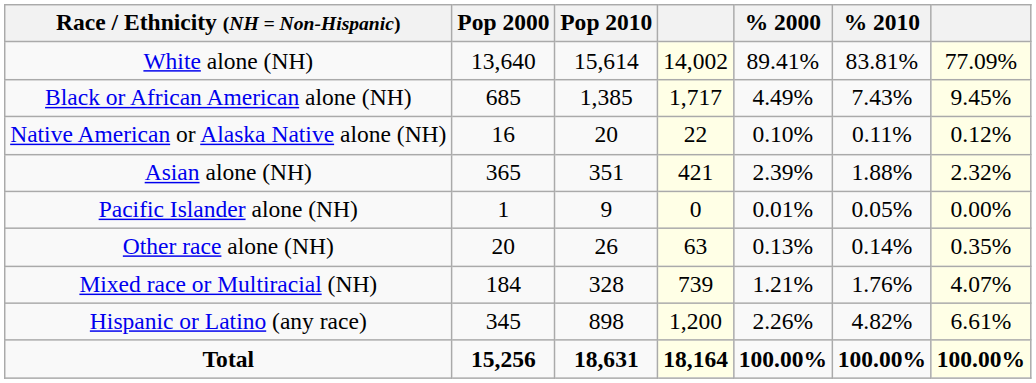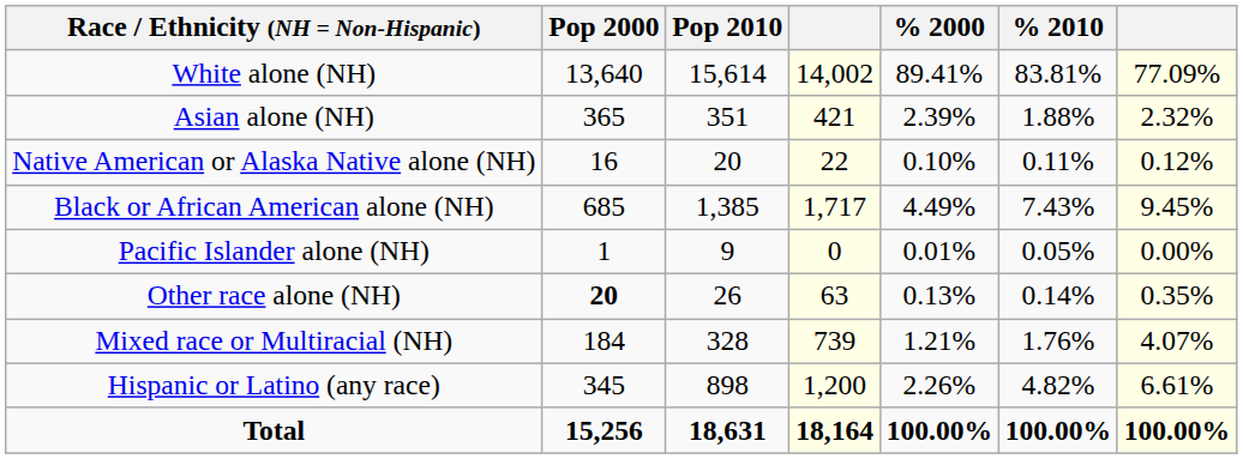 <table class="wikitable" style="text-align:center;">
 <tr>
 <th>Race / Ethnicity <small>(<em>NH = Non-Hispanic</em>)</small></th>
 <th>Pop 2000</th>
 <th>Pop 2010</th>
 <th></th>
 <th>% 2000</th>
 <th>% 2010</th>
 <th></th>
 </tr>
 <tr>
 <td><a href='#'>White</a> alone (NH)</td>
 <td>13,640</td>
 <td>15,614</td>
 <td style='background: #ffffe6;'>14,002</td>
 <td>89.41%</td>
 <td>83.81%</td>
 <td style='background: #ffffe6;'>77.09%</td>
 </tr>
 <tr>
-<td><a href='#'>Black or African American</a> alone (NH)</td>
-<td>685</td>
-<td>1,385</td>
-<td style='background: #ffffe6;'>1,717</td>
-<td>4.49%</td>
-<td>7.43%</td>
-<td style='background: #ffffe6;'>9.45%</td>
+<td><a href='#'>Asian</a> alone (NH)</td>
+<td>365</td>
+<td>351</td>
+<td style='background: #ffffe6;'>421</td>
+<td>2.39%</td>
+<td>1.88%</td>
+<td style='background: #ffffe6;'>2.32%</td>
 </tr>
 <tr>
 <td><a href='#'>Native American</a> or <a href='#'>Alaska Native</a> alone (NH)</td>
 <td>16</td>
 <td>20</td>
 <td style='background: #ffffe6;'>22</td>
 <td>0.10%</td>
 <td>0.11%</td>
 <td style='background: #ffffe6;'>0.12%</td>
 </tr>
 <tr>
-<td><a href='#'>Asian</a> alone (NH)</td>
-<td>365</td>
-<td>351</td>
-<td style='background: #ffffe6;'>421</td>
-<td>2.39%</td>
-<td>1.88%</td>
-<td style='background: #ffffe6;'>2.32%</td>
+<td><a href='#'>Black or African American</a> alone (NH)</td>
+<td>685</td>
+<td>1,385</td>
+<td style='background: #ffffe6;'>1,717</td>
+<td>4.49%</td>
+<td>7.43%</td>
+<td style='background: #ffffe6;'>9.45%</td>
 </tr>
 <tr>
 <td><a href='#'>Pacific Islander</a> alone (NH)</td>
 <td>1</td>
 <td>9</td>
 <td style='background: #ffffe6;'>0</td>
 <td>0.01%</td>
 <td>0.05%</td>
 <td style='background: #ffffe6;'>0.00%</td>
 </tr>
 <tr>
 <td><a href='#'>Other race</a> alone (NH)</td>
-<td>20</td>
+<td><strong>20</strong></td>
 <td>26</td>
 <td style='background: #ffffe6;'>63</td>
 <td>0.13%</td>
 <td>0.14%</td>
 <td style='background: #ffffe6;'>0.35%</td>
 </tr>
 <tr>
 <td><a href='#'>Mixed race or Multiracial</a> (NH)</td>
 <td>184</td>
 <td>328</td>
 <td style='background: #ffffe6;'>739</td>
 <td>1.21%</td>
 <td>1.76%</td>
 <td style='background: #ffffe6;'>4.07%</td>
 </tr>
 <tr>
 <td><a href='#'>Hispanic or Latino</a> (any race)</td>
 <td>345</td>
 <td>898</td>
 <td style='background: #ffffe6;'>1,200</td>
 <td>2.26%</td>
 <td>4.82%</td>
 <td style='background: #ffffe6;'>6.61%</td>
 </tr>
 <tr>
 <td><strong>Total</strong></td>
 <td><strong>15,256</strong></td>
 <td><strong>18,631</strong></td>
 <td style='background: #ffffe6;'><strong>18,164</strong></td>
 <td><strong>100.00%</strong></td>
 <td><strong>100.00%</strong></td>
 <td style='background: #ffffe6;'><strong>100.00%</strong></td>
 </tr>
 </table>
